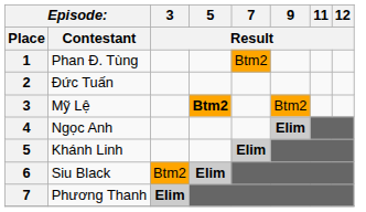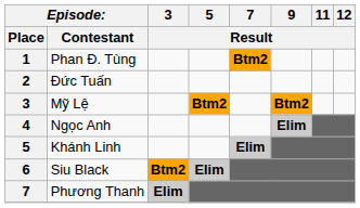 <table class="wikitable">
 <tr>
 <th colspan=2><em>Episode:</em></th>
 <th>3</th>
 <th>5</th>
 <th>7</th>
 <th>9</th>
 <th>11</th>
 <th>12</th>
 </tr>
 <tr>
 <th>Place</th>
 <th>Contestant</th>
 <th colspan=6>Result</th>
 </tr>
 <tr>
 <th>1</th>
 <td>Phan Đ. Tùng</td>
 <td></td>
 <td></td>
-<td bgcolor="orange"  align="center">Btm2</td>
+<td bgcolor="orange"  align="center"><strong>Btm2</strong></td>
 <td></td>
 <td></td>
 <td></td>
 </tr>
 <tr>
 <th>2</th>
 <td>Đức Tuấn</td>
 <td></td>
 <td></td>
 <td></td>
 <td></td>
 <td></td>
 <td></td>
 </tr>
 <tr>
 <th>3</th>
 <td>Mỹ Lệ</td>
 <td></td>
 <td bgcolor="orange"  align="center"><strong>Btm2</strong></td>
 <td></td>
-<td bgcolor="orange"  align="center">Btm2</td>
+<td bgcolor="orange"  align="center"><strong>Btm2</strong></td>
 <td></td>
 <td></td>
 </tr>
 <tr>
 <th>4</th>
 <td>Ngọc Anh</td>
 <td></td>
 <td></td>
 <td></td>
 <td bgcolor="#CCCCCC" align="center"><strong>Elim</strong></td>
 <td bgcolor="666666" colspan=10></td>
 </tr>
 <tr>
 <th>5</th>
 <td>Khánh Linh</td>
 <td></td>
 <td></td>
 <td bgcolor="#CCCCCC" align="center"><strong>Elim</strong></td>
 <td bgcolor="666666" colspan=10></td>
 </tr>
 <tr>
 <th>6</th>
 <td>Siu Black</td>
-<td bgcolor="orange"  align="center">Btm2</td>
+<td bgcolor="orange"  align="center"><strong>Btm2</strong></td>
 <td bgcolor="#CCCCCC" align="center"><strong>Elim</strong></td>
 <td bgcolor="666666" colspan=10></td>
 </tr>
 <tr>
 <th>7</th>
 <td>Phương Thanh</td>
 <td bgcolor="#CCCCCC" align="center"><strong>Elim</strong></td>
 <td bgcolor="666666" colspan=10></td>
 </tr>
 <tr>
 </tr>
 </table>
